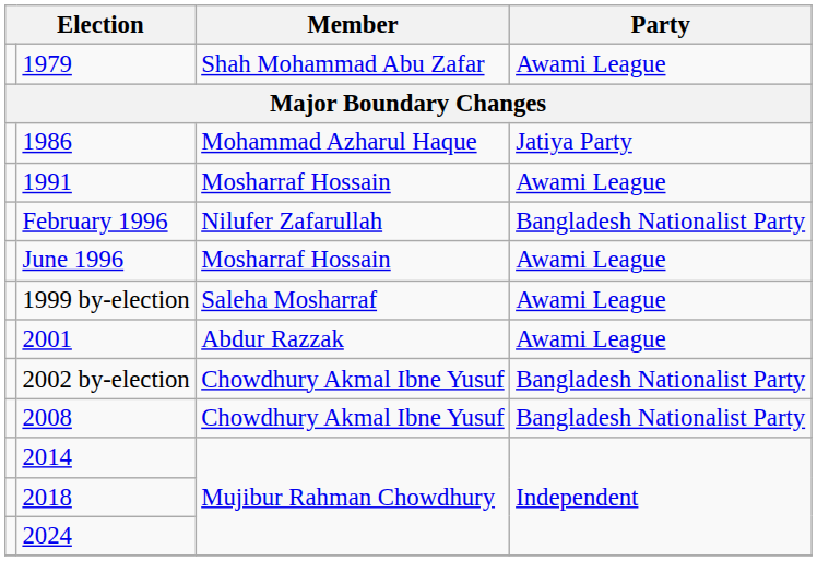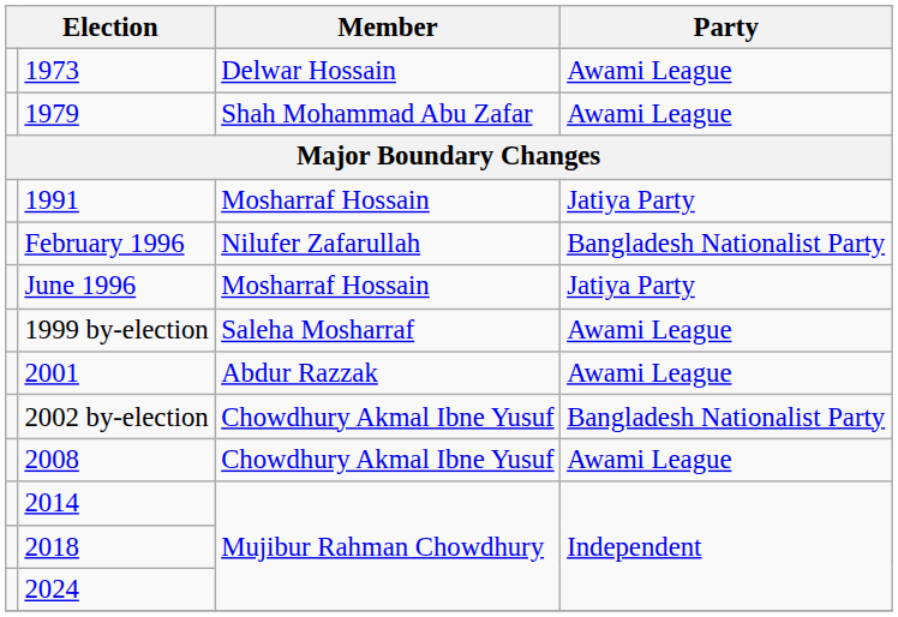 <table class="wikitable">
 <tr>
 <th colspan="2">Election</th>
 <th>Member</th>
 <th>Party</th>
+</tr>
+<tr>
+<td style="background-color:"></td>
+<td><a href='#'>1973</a></td>
+<td><a href='#'>Delwar Hossain</a></td>
+<td><a href='#'>Awami League</a></td>
 </tr>
 <tr>
 <td style="background-color:"></td>
 <td><a href='#'>1979</a></td>
 <td><a href='#'>Shah Mohammad Abu Zafar</a></td>
 <td><a href='#'>Awami League</a></td>
 </tr>
 <tr>
 <th colspan="4">Major Boundary Changes</th>
 </tr>
 <tr>
 <td style="background-color:"></td>
-<td><a href='#'>1986</a></td>
-<td><a href='#'>Mohammad Azharul Haque</a></td>
-<td><a href='#'>Jatiya Party</a></td>
-</tr>
-<tr>
-<td style="background-color:"></td>
 <td><a href='#'>1991</a></td>
 <td><a href='#'>Mosharraf Hossain</a></td>
-<td><a href='#'>Awami League</a></td>
+<td><a href='#'>Jatiya Party</a></td>
 </tr>
 <tr>
 <td style="background-color:"></td>
 <td><a href='#'>February 1996</a></td>
 <td><a href='#'>Nilufer Zafarullah</a></td>
 <td><a href='#'>Bangladesh Nationalist Party</a></td>
 </tr>
 <tr>
 <td style="background-color:"></td>
 <td><a href='#'>June 1996</a></td>
 <td><a href='#'>Mosharraf Hossain</a></td>
-<td><a href='#'>Awami League</a></td>
+<td><a href='#'>Jatiya Party</a></td>
 </tr>
 <tr>
 <td style="background-color:"></td>
 <td>1999 by-election</td>
 <td><a href='#'>Saleha Mosharraf</a></td>
 <td><a href='#'>Awami League</a></td>
 </tr>
 <tr>
 <td style="background-color:"></td>
 <td><a href='#'>2001</a></td>
 <td><a href='#'>Abdur Razzak</a></td>
 <td><a href='#'>Awami League</a></td>
 </tr>
 <tr>
 <td style="background-color:"></td>
 <td>2002 by-election</td>
 <td><a href='#'>Chowdhury Akmal Ibne Yusuf</a></td>
 <td><a href='#'>Bangladesh Nationalist Party</a></td>
 </tr>
 <tr>
 <td style="background-color:"></td>
 <td><a href='#'>2008</a></td>
 <td><a href='#'>Chowdhury Akmal Ibne Yusuf</a></td>
-<td><a href='#'>Bangladesh Nationalist Party</a></td>
+<td><a href='#'>Awami League</a></td>
 </tr>
 <tr>
 <td style="background-color:"></td>
 <td><a href='#'>2014</a></td>
 <td rowspan="3"><a href='#'>Mujibur Rahman Chowdhury</a></td>
 <td rowspan="3"><a href='#'>Independent</a></td>
 </tr>
 <tr>
 <td style="background-color:"></td>
 <td><a href='#'>2018</a></td>
 </tr>
 <tr>
 <td style="background-color:"></td>
 <td><a href='#'>2024</a></td>
 </tr>
 <tr>
 </tr>
 </table>
